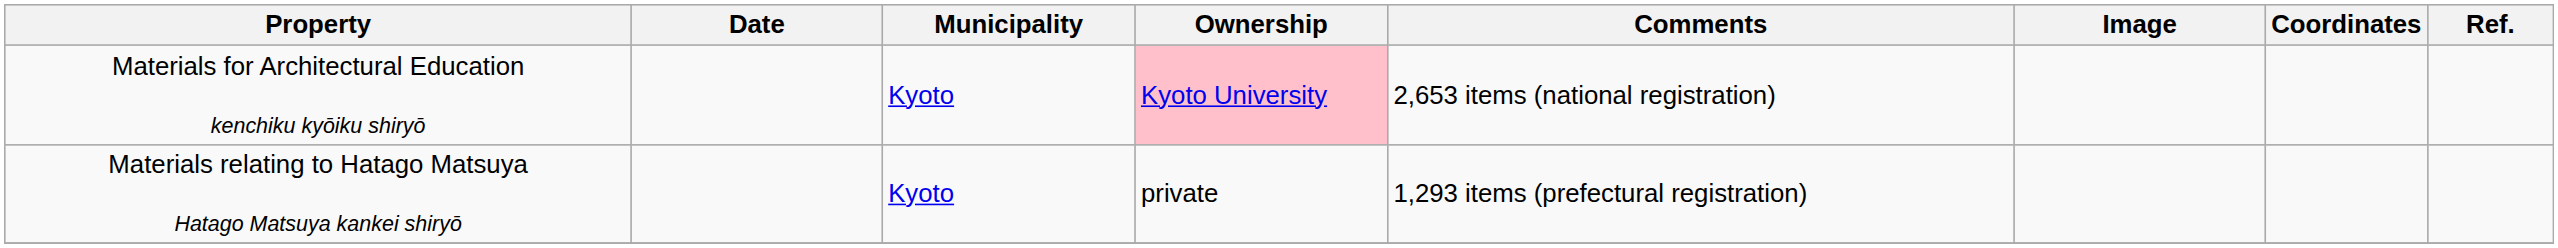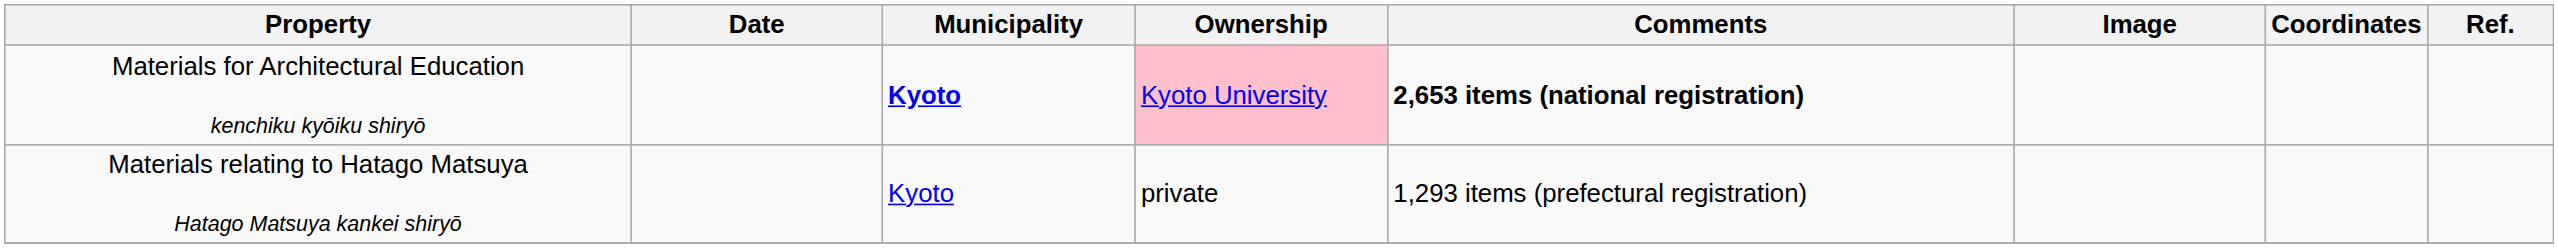 <table class="wikitable sortable"  style="width:100%;">
 <tr>
 <th width="25%" align="left">Property</th>
 <th width="10%" align="left">Date</th>
 <th width="10%" align="left">Municipality</th>
 <th width="10%" align="left">Ownership</th>
 <th width="25%" align="left" class="unsortable">Comments</th>
 <th width="10%" align="left" class="unsortable">Image</th>
 <th width="5%" align="left" class="unsortable">Coordinates</th>
 <th width="5%" align="left" class="unsortable">Ref.</th>
 </tr>
 <tr>
 <td align="center">Materials for Architectural Education<br><br><small><em>kenchiku kyōiku shiryō</em></small></td>
 <td></td>
-<td><a href='#'>Kyoto</a></td>
+<td><strong><a href='#'>Kyoto</a></strong></td>
 <td style="background: pink;"><a href='#'>Kyoto University</a></td>
-<td>2,653 items (national registration)</td>
+<td><strong>2,653 items (national registration)</strong></td>
 <td></td>
 <td></td>
 <td></td>
 </tr>
 <tr>
 <td align="center">Materials relating to Hatago Matsuya<br><br><small><em>Hatago Matsuya kankei shiryō</em></small></td>
 <td></td>
 <td><a href='#'>Kyoto</a></td>
 <td>private</td>
 <td>1,293 items (prefectural registration)</td>
 <td></td>
 <td></td>
 <td></td>
 </tr>
 <tr>
 </tr>
 </table>
